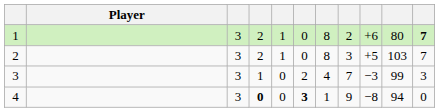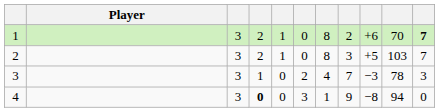 <table class="wikitable" style="text-align:center; margin: 1em auto 1em auto, align:left">
 <tr>
 <th width=20></th>
 <th width=240>Player</th>
 <th width=20></th>
 <th width=20></th>
 <th width=20></th>
 <th width=20></th>
 <th width=20></th>
 <th width=20></th>
 <th width=20></th>
 <th width=30></th>
 <th width=20></th>
 </tr>
 <tr style="background:#D0F0C0;">
 <td>1</td>
 <td align=left></td>
 <td>3</td>
 <td>2</td>
 <td>1</td>
 <td>0</td>
 <td>8</td>
 <td>2</td>
 <td>+6</td>
-<td>80</td>
+<td>70</td>
 <td><strong>7</strong></td>
 </tr>
 <tr style=>
 <td>2</td>
 <td align=left></td>
 <td>3</td>
 <td>2</td>
 <td>1</td>
 <td>0</td>
 <td>8</td>
 <td>3</td>
 <td>+5</td>
 <td>103</td>
 <td>7</td>
 </tr>
 <tr style=>
 <td>3</td>
 <td align=left></td>
 <td>3</td>
 <td>1</td>
 <td>0</td>
 <td>2</td>
 <td>4</td>
 <td>7</td>
 <td>−3</td>
-<td>99</td>
+<td>78</td>
 <td>3</td>
 </tr>
 <tr style=>
 <td>4</td>
 <td align=left></td>
 <td>3</td>
 <td><strong>0</strong></td>
 <td>0</td>
-<td><strong>3</strong></td>
+<td>3</td>
 <td>1</td>
 <td>9</td>
 <td>−8</td>
 <td>94</td>
 <td>0</td>
 </tr>
 </table>
